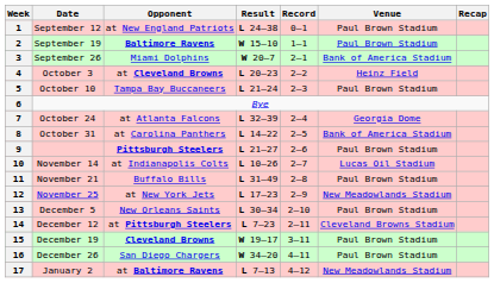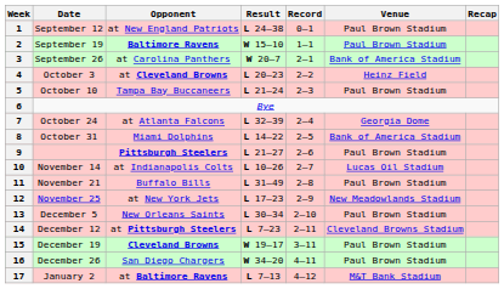 <table class="wikitable" style="text-align:center">
 <tr>
 <th>Week</th>
 <th>Date</th>
 <th>Opponent</th>
 <th>Result</th>
 <th>Record</th>
 <th>Venue</th>
 <th>Recap</th>
 </tr>
 <tr style="background:#fcc">
 <th>1</th>
 <td>September 12</td>
 <td>at <a href='#'>New England Patriots</a></td>
 <td><strong>L</strong> 24–38</td>
 <td>0–1</td>
 <td>Paul Brown Stadium</td>
 <td></td>
 </tr>
 <tr style="background:#cfc">
 <th>2</th>
 <td>September 19</td>
 <td><strong><a href='#'>Baltimore Ravens</a></strong></td>
 <td><strong>W</strong> 15–10</td>
 <td>1–1</td>
 <td><a href='#'>Paul Brown Stadium</a></td>
 <td></td>
 </tr>
 <tr style="background:#cfc">
 <th>3</th>
 <td>September 26</td>
-<td><a href='#'>Miami Dolphins</a></td>
+<td>at <a href='#'>Carolina Panthers</a></td>
 <td><strong>W</strong> 20–7</td>
 <td>2–1</td>
 <td><a href='#'>Bank of America Stadium</a></td>
 <td></td>
 </tr>
 <tr style="background:#fcc">
 <th>4</th>
 <td>October 3</td>
 <td>at <strong><a href='#'>Cleveland Browns</a></strong></td>
 <td><strong>L</strong> 20–23</td>
 <td>2–2</td>
 <td><a href='#'>Heinz Field</a></td>
 <td></td>
 </tr>
 <tr style="background:#fcc">
 <th>5</th>
 <td>October 10</td>
 <td><a href='#'>Tampa Bay Buccaneers</a></td>
 <td><strong>L</strong> 21–24</td>
 <td>2–3</td>
 <td>Paul Brown Stadium</td>
 <td></td>
 </tr>
 <tr>
 <th>6</th>
 <td colspan="6"><em><a href='#'>Bye</a></em></td>
 </tr>
 <tr style="background:#fcc">
 <th>7</th>
 <td>October 24</td>
 <td>at <a href='#'>Atlanta Falcons</a></td>
 <td><strong>L</strong> 32–39</td>
 <td>2–4</td>
 <td><a href='#'>Georgia Dome</a></td>
 <td></td>
 </tr>
 <tr style="background:#fcc">
 <th>8</th>
 <td>October 31</td>
-<td>at <a href='#'>Carolina Panthers</a></td>
+<td><a href='#'>Miami Dolphins</a></td>
 <td><strong>L</strong> 14–22</td>
 <td>2–5</td>
 <td><a href='#'>Bank of America Stadium</a></td>
 <td></td>
 </tr>
 <tr style="background:#fcc">
 <th>9</th>
 <td></td>
 <td><strong><a href='#'>Pittsburgh Steelers</a></strong></td>
 <td><strong>L</strong> 21–27</td>
 <td>2–6</td>
 <td>Paul Brown Stadium</td>
 <td></td>
 </tr>
 <tr style="background:#fcc">
 <th>10</th>
 <td>November 14</td>
 <td>at <a href='#'>Indianapolis Colts</a></td>
 <td><strong>L</strong> 10–26</td>
 <td>2–7</td>
 <td><a href='#'>Lucas Oil Stadium</a></td>
 <td></td>
 </tr>
 <tr style="background:#fcc">
 <th>11</th>
 <td>November 21</td>
 <td><a href='#'>Buffalo Bills</a></td>
 <td><strong>L</strong> 31–49</td>
 <td>2–8</td>
 <td>Paul Brown Stadium</td>
 <td></td>
 </tr>
 <tr style="background:#fcc">
 <th>12</th>
 <td><a href='#'>November 25</a></td>
 <td>at <a href='#'>New York Jets</a></td>
 <td><strong>L</strong> 17–23</td>
 <td>2–9</td>
 <td><a href='#'>New Meadowlands Stadium</a></td>
 <td></td>
 </tr>
 <tr style="background:#fcc">
 <th>13</th>
 <td>December 5</td>
 <td><a href='#'>New Orleans Saints</a></td>
 <td><strong>L</strong> 30–34</td>
 <td>2–10</td>
 <td>Paul Brown Stadium</td>
 <td></td>
 </tr>
 <tr style="background:#fcc">
 <th>14</th>
 <td>December 12</td>
 <td>at <strong><a href='#'>Pittsburgh Steelers</a></strong></td>
 <td><strong>L</strong> 7–23</td>
 <td>2–11</td>
 <td><a href='#'>Cleveland Browns Stadium</a></td>
 <td></td>
 </tr>
 <tr style="background:#cfc">
 <th>15</th>
 <td>December 19</td>
 <td><strong><a href='#'>Cleveland Browns</a></strong></td>
 <td><strong>W</strong> 19–17</td>
 <td>3–11</td>
 <td>Paul Brown Stadium</td>
 <td></td>
 </tr>
 <tr style="background:#cfc">
 <th>16</th>
 <td>December 26</td>
 <td><a href='#'>San Diego Chargers</a></td>
 <td><strong>W</strong> 34–20</td>
 <td>4–11</td>
 <td>Paul Brown Stadium</td>
 <td></td>
 </tr>
 <tr style="background:#fcc">
 <th>17</th>
 <td>January 2</td>
 <td>at <strong><a href='#'>Baltimore Ravens</a></strong></td>
 <td><strong>L</strong> 7–13</td>
 <td>4–12</td>
-<td><a href='#'>New Meadowlands Stadium</a></td>
+<td><a href='#'>M&T Bank Stadium</a></td>
 <td></td>
 </tr>
 </table>
